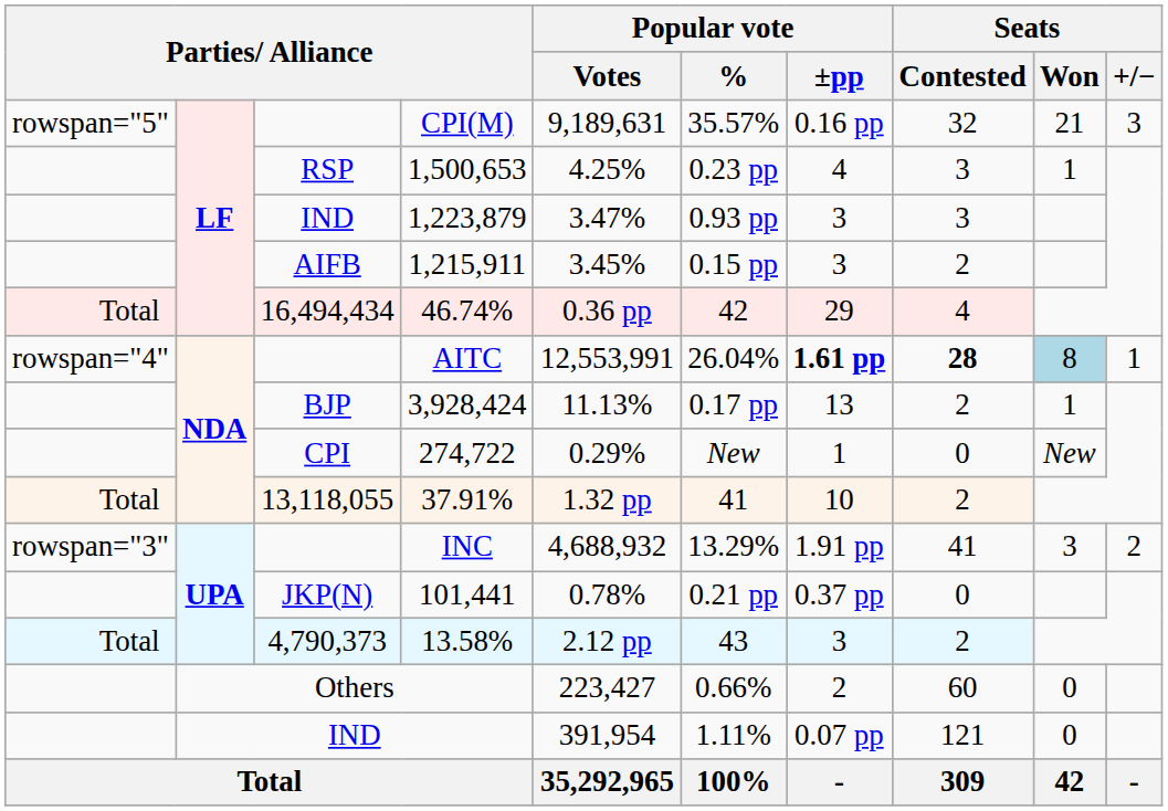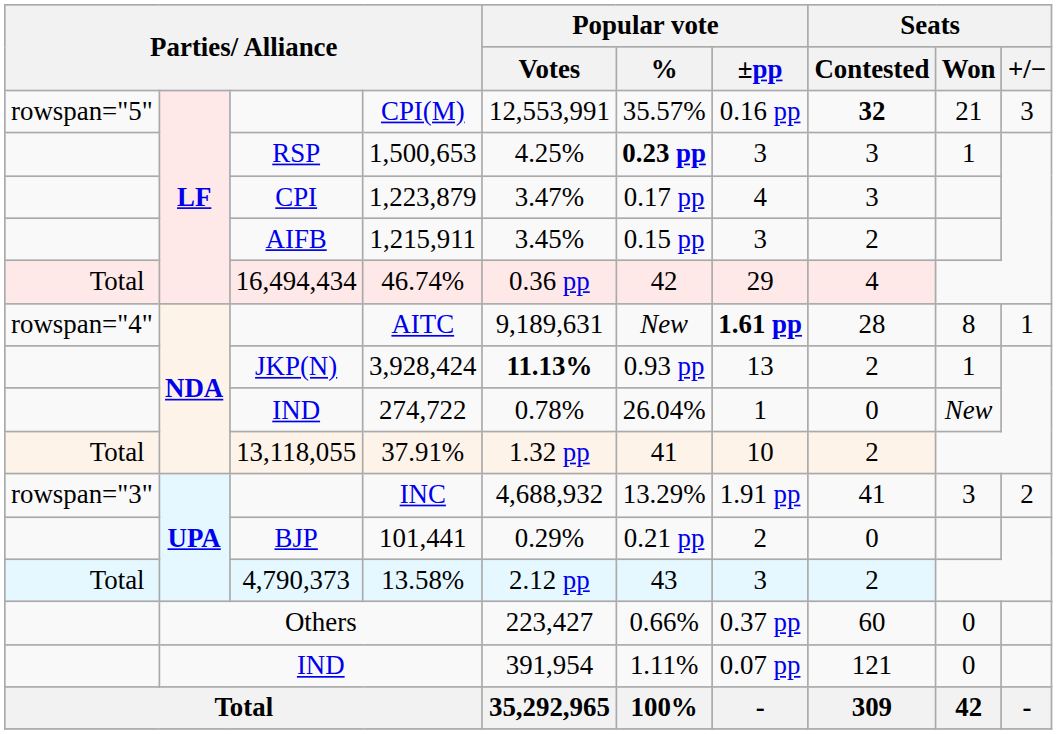 <table class="wikitable sortable" style="text-align:center;">
 <tr>
 <th colspan="4" rowspan="2">Parties/ Alliance</th>
 <th colspan="3">Popular vote</th>
 <th colspan="3">Seats</th>
 </tr>
 <tr>
 <th>Votes</th>
 <th>%</th>
 <th>±<a href='#'>pp</a></th>
 <th>Contested</th>
 <th>Won</th>
 <th>+/−</th>
 </tr>
 <tr>
 <td>rowspan="5" </td>
 <th rowspan="5" style="background:#ffe8e8"><a href='#'>LF</a></th>
 <td></td>
 <td><a href='#'>CPI(M)</a></td>
-<td>9,189,631</td>
+<td>12,553,991</td>
 <td>35.57%</td>
 <td> 0.16 <a href='#'>pp</a></td>
-<td>32</td>
+<td><strong>32</strong></td>
 <td>21</td>
 <td> 3</td>
 </tr>
 <tr>
 <td></td>
 <td><a href='#'>RSP</a></td>
 <td>1,500,653</td>
 <td>4.25%</td>
-<td> 0.23 <a href='#'>pp</a></td>
-<td>4</td>
+<td><strong> 0.23 <a href='#'>pp</a></strong></td>
+<td>3</td>
 <td>3</td>
 <td> 1</td>
 </tr>
 <tr>
 <td></td>
-<td><a href='#'>IND</a></td>
+<td><a href='#'>CPI</a></td>
 <td>1,223,879</td>
 <td>3.47%</td>
-<td> 0.93 <a href='#'>pp</a></td>
-<td>3</td>
+<td> 0.17 <a href='#'>pp</a></td>
+<td>4</td>
 <td>3</td>
 <td></td>
 </tr>
 <tr>
 <td></td>
 <td><a href='#'>AIFB</a></td>
 <td>1,215,911</td>
 <td>3.45%</td>
 <td> 0.15 <a href='#'>pp</a></td>
 <td>3</td>
 <td>2</td>
 <td></td>
 </tr>
 <tr>
 <td colspan="2" style="background:#ffe8e8">Total</td>
 <td style="background:#ffe8e8">16,494,434</td>
 <td style="background:#ffe8e8">46.74%</td>
 <td style="background:#ffe8e8"> 0.36 <a href='#'>pp</a></td>
 <td style="background:#ffe8e8">42</td>
 <td style="background:#ffe8e8">29</td>
 <td style="background:#ffe8e8"> 4</td>
 </tr>
 <tr>
 <td>rowspan="4" </td>
 <th rowspan="4"style="background:#fef3e8"><a href='#'>NDA</a></th>
 <td></td>
 <td><a href='#'>AITC</a></td>
-<td>12,553,991</td>
-<td>26.04%</td>
+<td>9,189,631</td>
+<td><em>New</em></td>
 <td><strong> 1.61 <a href='#'>pp</a></strong></td>
-<td><strong>28</strong></td>
-<td style="background: lightblue;">8</td>
+<td>28</td>
+<td>8</td>
 <td> 1</td>
 </tr>
 <tr>
 <td></td>
-<td><a href='#'>BJP</a></td>
+<td><a href='#'>JKP(N)</a></td>
 <td>3,928,424</td>
-<td>11.13%</td>
-<td> 0.17 <a href='#'>pp</a></td>
+<td><strong>11.13%</strong></td>
+<td> 0.93 <a href='#'>pp</a></td>
 <td>13</td>
 <td>2</td>
 <td> 1</td>
 </tr>
 <tr>
 <td></td>
-<td><a href='#'>CPI</a></td>
+<td><a href='#'>IND</a></td>
 <td>274,722</td>
-<td>0.29%</td>
-<td><em>New</em></td>
+<td>0.78%</td>
+<td>26.04%</td>
 <td>1</td>
 <td>0</td>
 <td><em>New</em></td>
 </tr>
 <tr>
 <td colspan="2"style="background:#fef3e8">Total</td>
 <td style="background:#fef3e8">13,118,055</td>
 <td style="background:#fef3e8">37.91%</td>
 <td style="background:#fef3e8"> 1.32 <a href='#'>pp</a></td>
 <td style="background:#fef3e8">41</td>
 <td style="background:#fef3e8">10</td>
 <td style="background:#fef3e8"> 2</td>
 </tr>
 <tr>
 <td>rowspan="3" </td>
 <th rowspan="3" style="background:#E5F8FF"><a href='#'>UPA</a></th>
 <td></td>
 <td><a href='#'>INC</a></td>
 <td>4,688,932</td>
 <td>13.29%</td>
 <td> 1.91 <a href='#'>pp</a></td>
 <td>41</td>
 <td>3</td>
 <td> 2</td>
 </tr>
 <tr>
 <td></td>
-<td><a href='#'>JKP(N)</a></td>
+<td><a href='#'>BJP</a></td>
 <td>101,441</td>
-<td>0.78%</td>
+<td>0.29%</td>
 <td> 0.21 <a href='#'>pp</a></td>
-<td> 0.37 <a href='#'>pp</a></td>
+<td>2</td>
 <td>0</td>
 <td></td>
 </tr>
 <tr>
 <td colspan="2" style="background:#E5F8FF">Total</td>
 <td style="background:#E5F8FF">4,790,373</td>
 <td style="background:#E5F8FF">13.58%</td>
 <td style="background:#E5F8FF"> 2.12 <a href='#'>pp</a></td>
 <td style="background:#E5F8FF">43</td>
 <td style="background:#E5F8FF">3</td>
 <td style="background:#E5F8FF"> 2</td>
 </tr>
 <tr>
 <td></td>
 <td colspan="3">Others</td>
 <td>223,427</td>
 <td>0.66%</td>
-<td>2</td>
+<td> 0.37 <a href='#'>pp</a></td>
 <td>60</td>
 <td>0</td>
 <td></td>
 </tr>
 <tr>
 <td></td>
 <td colspan="3"><a href='#'>IND</a></td>
 <td>391,954</td>
 <td>1.11%</td>
 <td> 0.07 <a href='#'>pp</a></td>
 <td>121</td>
 <td>0</td>
 <td></td>
 </tr>
 <tr>
 <th colspan="4">Total</th>
 <th>35,292,965</th>
 <th>100%</th>
 <th>-</th>
 <th>309</th>
 <th>42</th>
 <th>-</th>
 </tr>
 </table>
